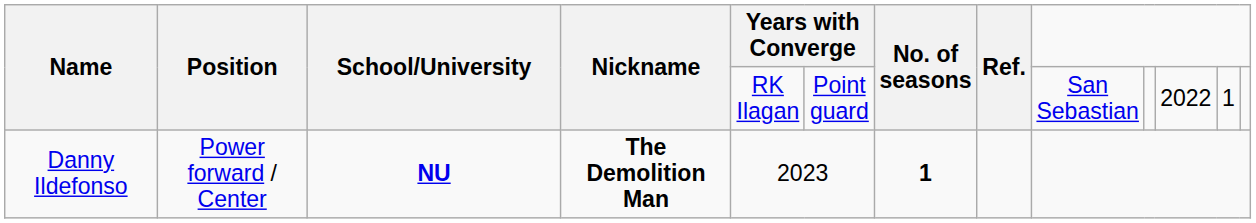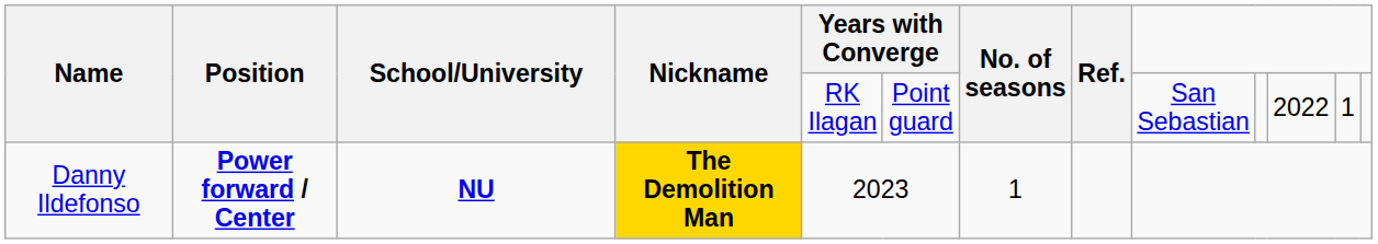 <table class="wikitable sortable" style="text-align:center" width="98%">
 <tr>
 <th style="width:180px;" rowspan="2">Name</th>
 <th style="width:180px;" rowspan="2">Position</th>
 <th style="width:250px;" rowspan="2">School/University</th>
 <th style="width:180px;" rowspan="2">Nickname</th>
 <th style="width:180px; text-align:center;" colspan="2">Years with Converge</th>
 <th rowspan="2">No. of seasons</th>
 <th rowspan="2"; class=unsortable>Ref.</th>
 </tr>
 <tr>
 <td><a href='#'>RK Ilagan</a></td>
 <td><a href='#'>Point guard</a></td>
 <td><a href='#'>San Sebastian</a></td>
 <td></td>
 <td colspan="2">2022</td>
 <td>1</td>
 <td></td>
 </tr>
 <tr>
 <td><a href='#'>Danny Ildefonso</a></td>
-<td><a href='#'>Power forward</a> / <a href='#'>Center</a></td>
+<td><strong><a href='#'>Power forward</a> / <a href='#'>Center</a></strong></td>
 <td><strong><a href='#'>NU</a></strong></td>
-<td><strong>The Demolition Man</strong></td>
+<td style="background: gold;"><strong>The Demolition Man</strong></td>
 <td colspan="2">2023</td>
-<td><strong>1</strong></td>
+<td>1</td>
 <td></td>
 </tr>
 </table>
